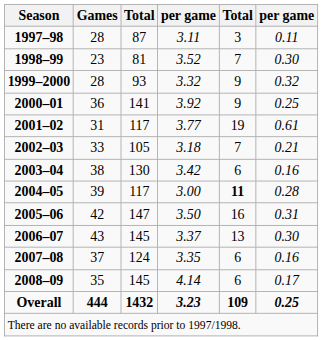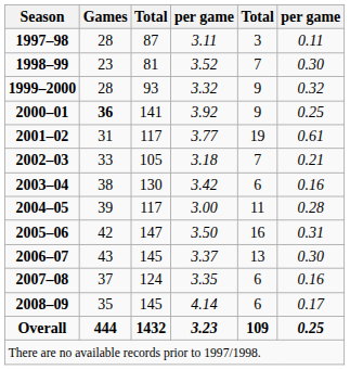 <table class="wikitable" style="text-align:center">
 <tr>
 <th>Season</th>
 <th>Games</th>
 <th>Total </th>
 <th> per game</th>
 <th>Total </th>
 <th> per game</th>
 </tr>
 <tr>
 <td><strong>1997–98</strong></td>
 <td>28</td>
 <td>87</td>
 <td><em>3.11</em></td>
 <td>3</td>
 <td><em>0.11</em></td>
 </tr>
 <tr>
 <td><strong>1998–99</strong></td>
 <td>23</td>
 <td>81</td>
 <td><em>3.52</em></td>
 <td>7</td>
 <td><em>0.30</em></td>
 </tr>
 <tr>
 <td><strong>1999–2000</strong></td>
 <td>28</td>
 <td>93</td>
 <td><em>3.32</em></td>
 <td>9</td>
 <td><em>0.32</em></td>
 </tr>
 <tr>
 <td><strong>2000–01</strong></td>
-<td>36</td>
+<td><strong>36</strong></td>
 <td>141</td>
 <td><em>3.92</em></td>
 <td>9</td>
 <td><em>0.25</em></td>
 </tr>
 <tr>
 <td><strong>2001–02</strong></td>
 <td>31</td>
 <td>117</td>
 <td><em>3.77</em></td>
 <td>19</td>
 <td><em>0.61</em></td>
 </tr>
 <tr>
 <td><strong>2002–03</strong></td>
 <td>33</td>
 <td>105</td>
 <td><em>3.18</em></td>
 <td>7</td>
 <td><em>0.21</em></td>
 </tr>
 <tr>
 <td><strong>2003–04</strong></td>
 <td>38</td>
 <td>130</td>
 <td><em>3.42</em></td>
 <td>6</td>
 <td><em>0.16</em></td>
 </tr>
 <tr>
 <td><strong>2004–05</strong></td>
 <td>39</td>
 <td>117</td>
 <td><em>3.00</em></td>
-<td><strong>11</strong></td>
+<td>11</td>
 <td><em>0.28</em></td>
 </tr>
 <tr>
 <td><strong>2005–06</strong></td>
 <td>42</td>
 <td>147</td>
 <td><em>3.50</em></td>
 <td>16</td>
 <td><em>0.31</em></td>
 </tr>
 <tr>
 <td><strong>2006–07</strong></td>
 <td>43</td>
 <td>145</td>
 <td><em>3.37</em></td>
 <td>13</td>
 <td><em>0.30</em></td>
 </tr>
 <tr>
 <td><strong>2007–08</strong></td>
 <td>37</td>
 <td>124</td>
 <td><em>3.35</em></td>
 <td>6</td>
 <td><em>0.16</em></td>
 </tr>
 <tr>
 <td><strong>2008–09</strong></td>
 <td>35</td>
 <td>145</td>
 <td><em>4.14</em></td>
 <td>6</td>
 <td><em>0.17</em></td>
 </tr>
 <tr>
 <td><strong>Overall</strong></td>
 <td><strong>444</strong></td>
 <td><strong>1432</strong></td>
 <td><strong><em>3.23</em></strong></td>
 <td><strong>109</strong></td>
 <td><strong><em>0.25</em></strong></td>
 </tr>
 <tr>
 <td colspan="6" align="left"><small>There are no available records prior to 1997/1998.</small></td>
 </tr>
 </table>
